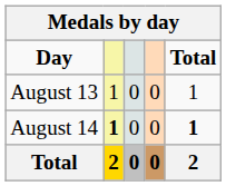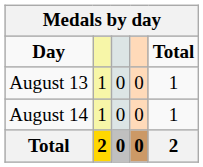 <table class="wikitable" style="font-size:85%; float:right">
 <tr align=center>
 <th colspan=7><strong>Medals by day</strong></th>
 </tr>
 <tr align=center>
 <td><strong>Day</strong></td>
 <td style="background:#f7f6a8;"></td>
 <td style="background:#dce5e5;"></td>
 <td style="background:#ffdab9;"></td>
 <td><strong>Total</strong></td>
 </tr>
 <tr align=center>
 <td>August 13</td>
 <td style="background:#f7f6a8;">1</td>
 <td style="background:#dce5e5;">0</td>
 <td style="background:#ffdab9;">0</td>
 <td>1</td>
 </tr>
 <tr align=center>
 <td>August 14</td>
-<td style="background:#f7f6a8;"><strong>1</strong></td>
+<td style="background:#f7f6a8;">1</td>
 <td style="background:#dce5e5;">0</td>
 <td style="background:#ffdab9;">0</td>
-<td><strong>1</strong></td>
+<td>1</td>
 </tr>
 <tr align=center>
 <th><strong>Total</strong></th>
 <th style="background:gold;"><strong>2</strong></th>
 <th style="background:silver;"><strong>0</strong></th>
 <th style="background:#c96;"><strong>0</strong></th>
 <th><strong>2</strong></th>
 </tr>
 </table>
